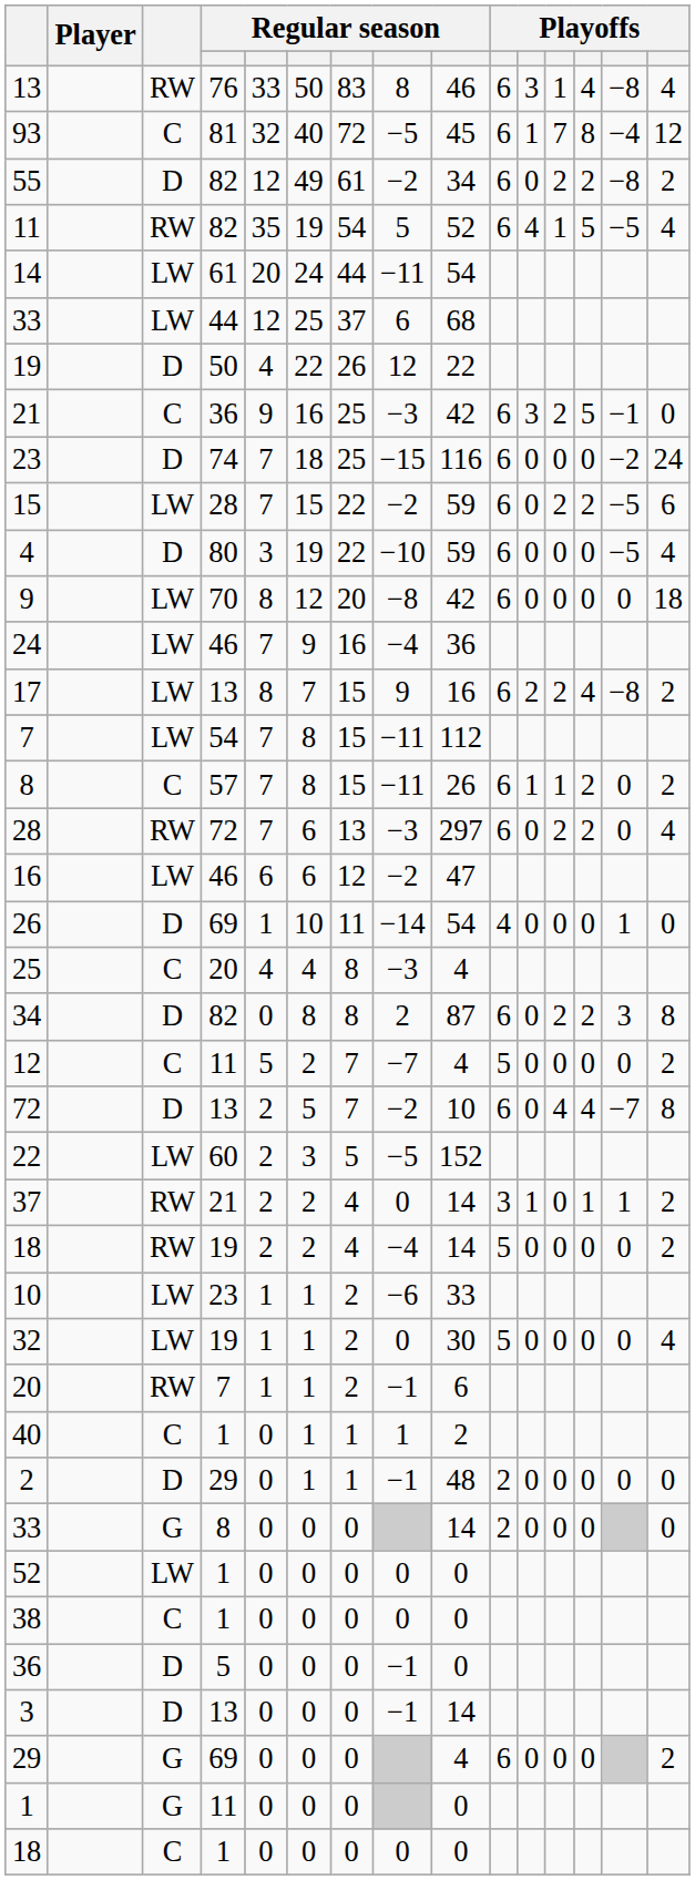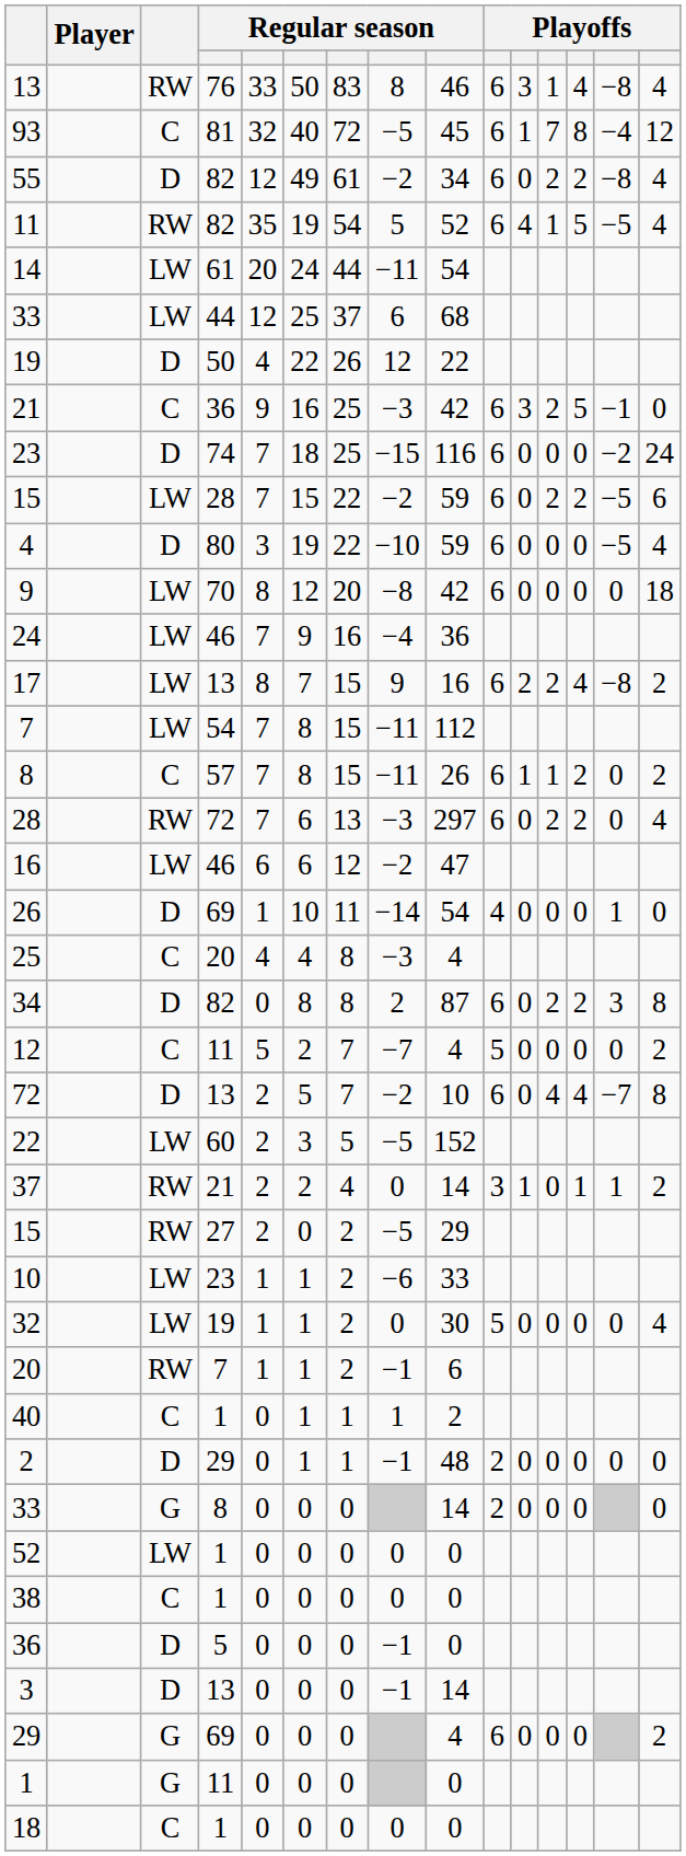 <table class="wikitable sortable plainrowheaders" style="text-align:center;">
 <tr>
 <th scope="col" data-sort-type="number" rowspan="2"></th>
 <th scope="col" rowspan="2">Player</th>
 <th scope="col" rowspan="2"></th>
 <th scope=colgroup colspan=6>Regular season</th>
 <th scope=colgroup colspan=6>Playoffs</th>
 </tr>
 <tr>
 <th scope="col" data-sort-type="number"></th>
 <th scope="col" data-sort-type="number"></th>
 <th scope="col" data-sort-type="number"></th>
 <th scope="col" data-sort-type="number"></th>
 <th scope="col" data-sort-type="number"></th>
 <th scope="col" data-sort-type="number"></th>
 <th scope="col" data-sort-type="number"></th>
 <th scope="col" data-sort-type="number"></th>
 <th scope="col" data-sort-type="number"></th>
 <th scope="col" data-sort-type="number"></th>
 <th scope="col" data-sort-type="number"></th>
 <th scope="col" data-sort-type="number"></th>
 </tr>
 <tr>
 <td scope="row">13</td>
 <td align="left"></td>
 <td>RW</td>
 <td>76</td>
 <td>33</td>
 <td>50</td>
 <td>83</td>
 <td>8</td>
 <td>46</td>
 <td>6</td>
 <td>3</td>
 <td>1</td>
 <td>4</td>
 <td>−8</td>
 <td>4</td>
 </tr>
 <tr>
 <td scope="row">93</td>
 <td align="left"></td>
 <td>C</td>
 <td>81</td>
 <td>32</td>
 <td>40</td>
 <td>72</td>
 <td>−5</td>
 <td>45</td>
 <td>6</td>
 <td>1</td>
 <td>7</td>
 <td>8</td>
 <td>−4</td>
 <td>12</td>
 </tr>
 <tr>
 <td scope="row">55</td>
 <td align="left"></td>
 <td>D</td>
 <td>82</td>
 <td>12</td>
 <td>49</td>
 <td>61</td>
 <td>−2</td>
 <td>34</td>
 <td>6</td>
 <td>0</td>
 <td>2</td>
 <td>2</td>
 <td>−8</td>
-<td>2</td>
+<td>4</td>
 </tr>
 <tr>
 <td scope="row">11</td>
 <td align="left"></td>
 <td>RW</td>
 <td>82</td>
 <td>35</td>
 <td>19</td>
 <td>54</td>
 <td>5</td>
 <td>52</td>
 <td>6</td>
 <td>4</td>
 <td>1</td>
 <td>5</td>
 <td>−5</td>
 <td>4</td>
 </tr>
 <tr>
 <td scope="row">14</td>
 <td align="left"></td>
 <td>LW</td>
 <td>61</td>
 <td>20</td>
 <td>24</td>
 <td>44</td>
 <td>−11</td>
 <td>54</td>
 <td></td>
 <td></td>
 <td></td>
 <td></td>
 <td></td>
 <td></td>
 </tr>
 <tr>
 <td scope="row">33</td>
 <td align="left"></td>
 <td>LW</td>
 <td>44</td>
 <td>12</td>
 <td>25</td>
 <td>37</td>
 <td>6</td>
 <td>68</td>
 <td></td>
 <td></td>
 <td></td>
 <td></td>
 <td></td>
 <td></td>
 </tr>
 <tr>
 <td scope="row">19</td>
 <td align="left"></td>
 <td>D</td>
 <td>50</td>
 <td>4</td>
 <td>22</td>
 <td>26</td>
 <td>12</td>
 <td>22</td>
 <td></td>
 <td></td>
 <td></td>
 <td></td>
 <td></td>
 <td></td>
 </tr>
 <tr>
 <td scope="row">21</td>
 <td align="left"></td>
 <td>C</td>
 <td>36</td>
 <td>9</td>
 <td>16</td>
 <td>25</td>
 <td>−3</td>
 <td>42</td>
 <td>6</td>
 <td>3</td>
 <td>2</td>
 <td>5</td>
 <td>−1</td>
 <td>0</td>
 </tr>
 <tr>
 <td scope="row">23</td>
 <td align="left"></td>
 <td>D</td>
 <td>74</td>
 <td>7</td>
 <td>18</td>
 <td>25</td>
 <td>−15</td>
 <td>116</td>
 <td>6</td>
 <td>0</td>
 <td>0</td>
 <td>0</td>
 <td>−2</td>
 <td>24</td>
 </tr>
 <tr>
 <td scope="row">15</td>
 <td align="left"></td>
 <td>LW</td>
 <td>28</td>
 <td>7</td>
 <td>15</td>
 <td>22</td>
 <td>−2</td>
 <td>59</td>
 <td>6</td>
 <td>0</td>
 <td>2</td>
 <td>2</td>
 <td>−5</td>
 <td>6</td>
 </tr>
 <tr>
 <td scope="row">4</td>
 <td align="left"></td>
 <td>D</td>
 <td>80</td>
 <td>3</td>
 <td>19</td>
 <td>22</td>
 <td>−10</td>
 <td>59</td>
 <td>6</td>
 <td>0</td>
 <td>0</td>
 <td>0</td>
 <td>−5</td>
 <td>4</td>
 </tr>
 <tr>
 <td scope="row">9</td>
 <td align="left"></td>
 <td>LW</td>
 <td>70</td>
 <td>8</td>
 <td>12</td>
 <td>20</td>
 <td>−8</td>
 <td>42</td>
 <td>6</td>
 <td>0</td>
 <td>0</td>
 <td>0</td>
 <td>0</td>
 <td>18</td>
 </tr>
 <tr>
 <td scope="row">24</td>
 <td align="left"></td>
 <td>LW</td>
 <td>46</td>
 <td>7</td>
 <td>9</td>
 <td>16</td>
 <td>−4</td>
 <td>36</td>
 <td></td>
 <td></td>
 <td></td>
 <td></td>
 <td></td>
 <td></td>
 </tr>
 <tr>
 <td scope="row">17</td>
 <td align="left"></td>
 <td>LW</td>
 <td>13</td>
 <td>8</td>
 <td>7</td>
 <td>15</td>
 <td>9</td>
 <td>16</td>
 <td>6</td>
 <td>2</td>
 <td>2</td>
 <td>4</td>
 <td>−8</td>
 <td>2</td>
 </tr>
 <tr>
 <td scope="row">7</td>
 <td align="left"></td>
 <td>LW</td>
 <td>54</td>
 <td>7</td>
 <td>8</td>
 <td>15</td>
 <td>−11</td>
 <td>112</td>
 <td></td>
 <td></td>
 <td></td>
 <td></td>
 <td></td>
 <td></td>
 </tr>
 <tr>
 <td scope="row">8</td>
 <td align="left"></td>
 <td>C</td>
 <td>57</td>
 <td>7</td>
 <td>8</td>
 <td>15</td>
 <td>−11</td>
 <td>26</td>
 <td>6</td>
 <td>1</td>
 <td>1</td>
 <td>2</td>
 <td>0</td>
 <td>2</td>
 </tr>
 <tr>
 <td scope="row">28</td>
 <td align="left"></td>
 <td>RW</td>
 <td>72</td>
 <td>7</td>
 <td>6</td>
 <td>13</td>
 <td>−3</td>
 <td>297</td>
 <td>6</td>
 <td>0</td>
 <td>2</td>
 <td>2</td>
 <td>0</td>
 <td>4</td>
 </tr>
 <tr>
 <td scope="row">16</td>
 <td align="left"></td>
 <td>LW</td>
 <td>46</td>
 <td>6</td>
 <td>6</td>
 <td>12</td>
 <td>−2</td>
 <td>47</td>
 <td></td>
 <td></td>
 <td></td>
 <td></td>
 <td></td>
 <td></td>
 </tr>
 <tr>
 <td scope="row">26</td>
 <td align="left"></td>
 <td>D</td>
 <td>69</td>
 <td>1</td>
 <td>10</td>
 <td>11</td>
 <td>−14</td>
 <td>54</td>
 <td>4</td>
 <td>0</td>
 <td>0</td>
 <td>0</td>
 <td>1</td>
 <td>0</td>
 </tr>
 <tr>
 <td scope="row">25</td>
 <td align="left"></td>
 <td>C</td>
 <td>20</td>
 <td>4</td>
 <td>4</td>
 <td>8</td>
 <td>−3</td>
 <td>4</td>
 <td></td>
 <td></td>
 <td></td>
 <td></td>
 <td></td>
 <td></td>
 </tr>
 <tr>
 <td scope="row">34</td>
 <td align="left"></td>
 <td>D</td>
 <td>82</td>
 <td>0</td>
 <td>8</td>
 <td>8</td>
 <td>2</td>
 <td>87</td>
 <td>6</td>
 <td>0</td>
 <td>2</td>
 <td>2</td>
 <td>3</td>
 <td>8</td>
 </tr>
 <tr>
 <td scope="row">12</td>
 <td align="left"></td>
 <td>C</td>
 <td>11</td>
 <td>5</td>
 <td>2</td>
 <td>7</td>
 <td>−7</td>
 <td>4</td>
 <td>5</td>
 <td>0</td>
 <td>0</td>
 <td>0</td>
 <td>0</td>
 <td>2</td>
 </tr>
 <tr>
 <td scope="row">72</td>
 <td align="left"></td>
 <td>D</td>
 <td>13</td>
 <td>2</td>
 <td>5</td>
 <td>7</td>
 <td>−2</td>
 <td>10</td>
 <td>6</td>
 <td>0</td>
 <td>4</td>
 <td>4</td>
 <td>−7</td>
 <td>8</td>
 </tr>
 <tr>
 <td scope="row">22</td>
 <td align="left"></td>
 <td>LW</td>
 <td>60</td>
 <td>2</td>
 <td>3</td>
 <td>5</td>
 <td>−5</td>
 <td>152</td>
 <td></td>
 <td></td>
 <td></td>
 <td></td>
 <td></td>
 <td></td>
 </tr>
 <tr>
 <td scope="row">37</td>
 <td align="left"></td>
 <td>RW</td>
 <td>21</td>
 <td>2</td>
 <td>2</td>
 <td>4</td>
 <td>0</td>
 <td>14</td>
 <td>3</td>
 <td>1</td>
 <td>0</td>
 <td>1</td>
 <td>1</td>
 <td>2</td>
 </tr>
 <tr>
-<td scope="row">18</td>
+<td scope="row">15</td>
 <td align="left"></td>
 <td>RW</td>
-<td>19</td>
+<td>27</td>
 <td>2</td>
-<td>2</td>
-<td>4</td>
-<td>−4</td>
-<td>14</td>
-<td>5</td>
-<td>0</td>
-<td>0</td>
-<td>0</td>
 <td>0</td>
 <td>2</td>
+<td>−5</td>
+<td>29</td>
+<td></td>
+<td></td>
+<td></td>
+<td></td>
+<td></td>
+<td></td>
 </tr>
 <tr>
 <td scope="row">10</td>
 <td align="left"></td>
 <td>LW</td>
 <td>23</td>
 <td>1</td>
 <td>1</td>
 <td>2</td>
 <td>−6</td>
 <td>33</td>
 <td></td>
 <td></td>
 <td></td>
 <td></td>
 <td></td>
 <td></td>
 </tr>
 <tr>
 <td scope="row">32</td>
 <td align="left"></td>
 <td>LW</td>
 <td>19</td>
 <td>1</td>
 <td>1</td>
 <td>2</td>
 <td>0</td>
 <td>30</td>
 <td>5</td>
 <td>0</td>
 <td>0</td>
 <td>0</td>
 <td>0</td>
 <td>4</td>
 </tr>
 <tr>
 <td scope="row">20</td>
 <td align="left"></td>
 <td>RW</td>
 <td>7</td>
 <td>1</td>
 <td>1</td>
 <td>2</td>
 <td>−1</td>
 <td>6</td>
 <td></td>
 <td></td>
 <td></td>
 <td></td>
 <td></td>
 <td></td>
 </tr>
 <tr>
 <td scope="row">40</td>
 <td align="left"></td>
 <td>C</td>
 <td>1</td>
 <td>0</td>
 <td>1</td>
 <td>1</td>
 <td>1</td>
 <td>2</td>
 <td></td>
 <td></td>
 <td></td>
 <td></td>
 <td></td>
 <td></td>
 </tr>
 <tr>
 <td scope="row">2</td>
 <td align="left"></td>
 <td>D</td>
 <td>29</td>
 <td>0</td>
 <td>1</td>
 <td>1</td>
 <td>−1</td>
 <td>48</td>
 <td>2</td>
 <td>0</td>
 <td>0</td>
 <td>0</td>
 <td>0</td>
 <td>0</td>
 </tr>
 <tr>
 <td scope="row">33</td>
 <td align="left"></td>
 <td>G</td>
 <td>8</td>
 <td>0</td>
 <td>0</td>
 <td>0</td>
 <td style="background:#ccc"></td>
 <td>14</td>
 <td>2</td>
 <td>0</td>
 <td>0</td>
 <td>0</td>
 <td style="background:#ccc"></td>
 <td>0</td>
 </tr>
 <tr>
 <td scope="row">52</td>
 <td align="left"></td>
 <td>LW</td>
 <td>1</td>
 <td>0</td>
 <td>0</td>
 <td>0</td>
 <td>0</td>
 <td>0</td>
 <td></td>
 <td></td>
 <td></td>
 <td></td>
 <td></td>
 <td></td>
 </tr>
 <tr>
 <td scope="row">38</td>
 <td align="left"></td>
 <td>C</td>
 <td>1</td>
 <td>0</td>
 <td>0</td>
 <td>0</td>
 <td>0</td>
 <td>0</td>
 <td></td>
 <td></td>
 <td></td>
 <td></td>
 <td></td>
 <td></td>
 </tr>
 <tr>
 <td scope="row">36</td>
 <td align="left"></td>
 <td>D</td>
 <td>5</td>
 <td>0</td>
 <td>0</td>
 <td>0</td>
 <td>−1</td>
 <td>0</td>
 <td></td>
 <td></td>
 <td></td>
 <td></td>
 <td></td>
 <td></td>
 </tr>
 <tr>
 <td scope="row">3</td>
 <td align="left"></td>
 <td>D</td>
 <td>13</td>
 <td>0</td>
 <td>0</td>
 <td>0</td>
 <td>−1</td>
 <td>14</td>
 <td></td>
 <td></td>
 <td></td>
 <td></td>
 <td></td>
 <td></td>
 </tr>
 <tr>
 <td scope="row">29</td>
 <td align="left"></td>
 <td>G</td>
 <td>69</td>
 <td>0</td>
 <td>0</td>
 <td>0</td>
 <td style="background:#ccc"></td>
 <td>4</td>
 <td>6</td>
 <td>0</td>
 <td>0</td>
 <td>0</td>
 <td style="background:#ccc"></td>
 <td>2</td>
 </tr>
 <tr>
 <td scope="row">1</td>
 <td align="left"></td>
 <td>G</td>
 <td>11</td>
 <td>0</td>
 <td>0</td>
 <td>0</td>
 <td style="background:#ccc"></td>
 <td>0</td>
 <td></td>
 <td></td>
 <td></td>
 <td></td>
 <td></td>
 <td></td>
 </tr>
 <tr>
 <td scope="row">18</td>
 <td align="left"></td>
 <td>C</td>
 <td>1</td>
 <td>0</td>
 <td>0</td>
 <td>0</td>
 <td>0</td>
 <td>0</td>
 <td></td>
 <td></td>
 <td></td>
 <td></td>
 <td></td>
 <td></td>
 </tr>
 </table>
